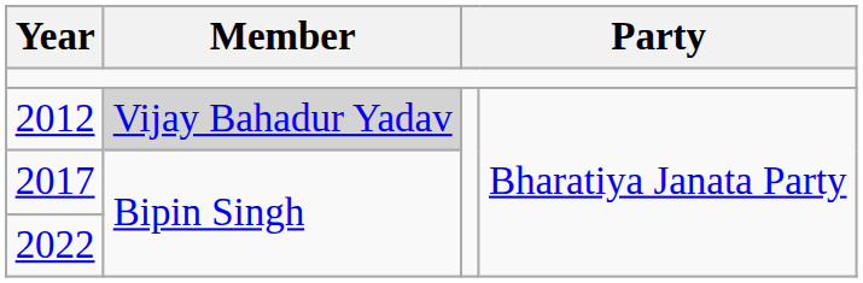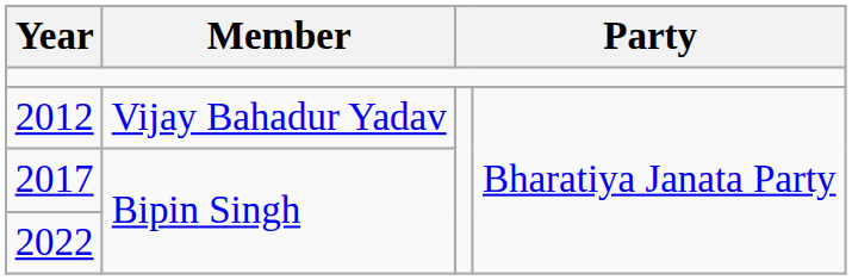 <table class="wikitable">
 <tr>
 <th scope="col">Year</th>
 <th scope="col">Member</th>
 <th colspan="2">Party</th>
 </tr>
 <tr>
 <td colspan="4"></td>
 </tr>
 <tr>
 <td><a href='#'>2012</a></td>
-<td style="background: lightgrey;"><a href='#'>Vijay Bahadur Yadav</a></td>
+<td><a href='#'>Vijay Bahadur Yadav</a></td>
 <td rowspan="3" style="background-color: "></td>
 <td rowspan="3"><a href='#'>Bharatiya Janata Party</a></td>
 </tr>
 <tr>
 <td><a href='#'>2017</a></td>
 <td rowspan="2"><a href='#'>Bipin Singh</a></td>
 </tr>
 <tr>
 <td><a href='#'>2022</a></td>
 </tr>
 </table>
